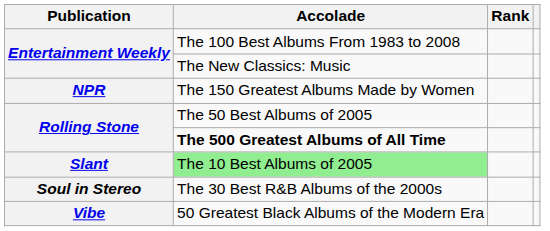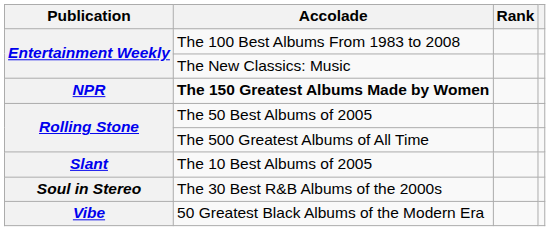 <table class="sortable wikitable plainrowheaders">
 <tr>
 <th scope="col">Publication</th>
 <th scope="col">Accolade</th>
 <th scope="col">Rank</th>
 <th scope="col" class="unsortable"></th>
 </tr>
 <tr>
 <th scope="row" rowspan="2"><em><a href='#'>Entertainment Weekly</a></em></th>
 <td>The 100 Best Albums From 1983 to 2008</td>
 <td></td>
 <td></td>
 </tr>
 <tr>
 <td>The New Classics: Music</td>
 <td></td>
 <td></td>
 </tr>
 <tr>
 <th scope="row"><em><a href='#'>NPR</a></em></th>
-<td>The 150 Greatest Albums Made by Women</td>
+<td><strong>The 150 Greatest Albums Made by Women</strong></td>
 <td></td>
 <td></td>
 </tr>
 <tr>
 <th scope="row" rowspan="2"><em><a href='#'>Rolling Stone</a></em></th>
 <td>The 50 Best Albums of 2005</td>
 <td></td>
 <td></td>
 </tr>
 <tr>
-<td><strong>The 500 Greatest Albums of All Time</strong></td>
+<td>The 500 Greatest Albums of All Time</td>
 <td></td>
 <td></td>
 </tr>
 <tr>
 <th scope="row"><em><a href='#'>Slant</a></em></th>
-<td style="background: lightgreen;">The 10 Best Albums of 2005</td>
+<td>The 10 Best Albums of 2005</td>
 <td></td>
 <td></td>
 </tr>
 <tr>
 <th scope="row"><em>Soul in Stereo</em></th>
 <td>The 30 Best R&B Albums of the 2000s</td>
 <td></td>
 <td></td>
 </tr>
 <tr>
 <th scope="row"><em><a href='#'>Vibe</a></em></th>
 <td>50 Greatest Black Albums of the Modern Era</td>
 <td></td>
 <td></td>
 </tr>
 </table>
